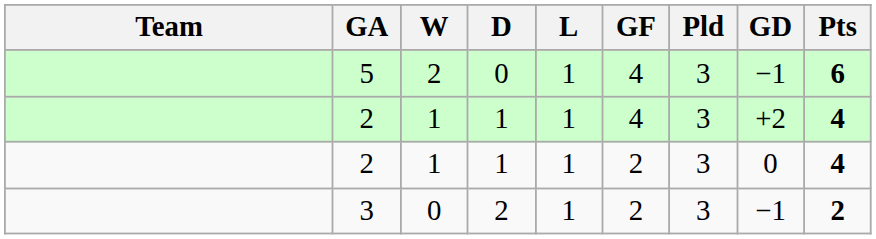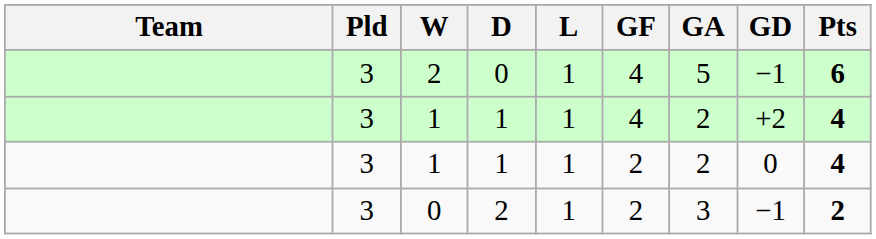 <table class="wikitable" style="text-align:center;">
 <tr>
 <th width=175>Team</th>
-<th width=30 abbr="Goals against">GA</th>
+<th width=30 abbr="Played">Pld</th>
 <th width=30 abbr="Won">W</th>
 <th width=30 abbr="Drawn">D</th>
 <th width=30 abbr="Lost">L</th>
 <th width=30 abbr="Goals for">GF</th>
-<th width=30 abbr="Played">Pld</th>
+<th width=30 abbr="Goals against">GA</th>
 <th width=30 abbr="Goal difference">GD</th>
 <th width=30 abbr="Points">Pts</th>
 </tr>
 <tr bgcolor=ccffcc>
 <td align=left></td>
-<td>5</td>
+<td>3</td>
 <td>2</td>
 <td>0</td>
 <td>1</td>
 <td>4</td>
-<td>3</td>
+<td>5</td>
 <td>−1</td>
 <td><strong>6</strong></td>
 </tr>
 <tr bgcolor=ccffcc>
 <td align=left></td>
-<td>2</td>
+<td>3</td>
 <td>1</td>
 <td>1</td>
 <td>1</td>
 <td>4</td>
-<td>3</td>
+<td>2</td>
 <td>+2</td>
 <td><strong>4</strong></td>
 </tr>
 <tr>
 <td align=left></td>
-<td>2</td>
+<td>3</td>
 <td>1</td>
 <td>1</td>
 <td>1</td>
 <td>2</td>
-<td>3</td>
+<td>2</td>
 <td>0</td>
 <td><strong>4</strong></td>
 </tr>
 <tr>
 <td align=left></td>
 <td>3</td>
 <td>0</td>
 <td>2</td>
 <td>1</td>
 <td>2</td>
 <td>3</td>
 <td>−1</td>
 <td><strong>2</strong></td>
 </tr>
 </table>
